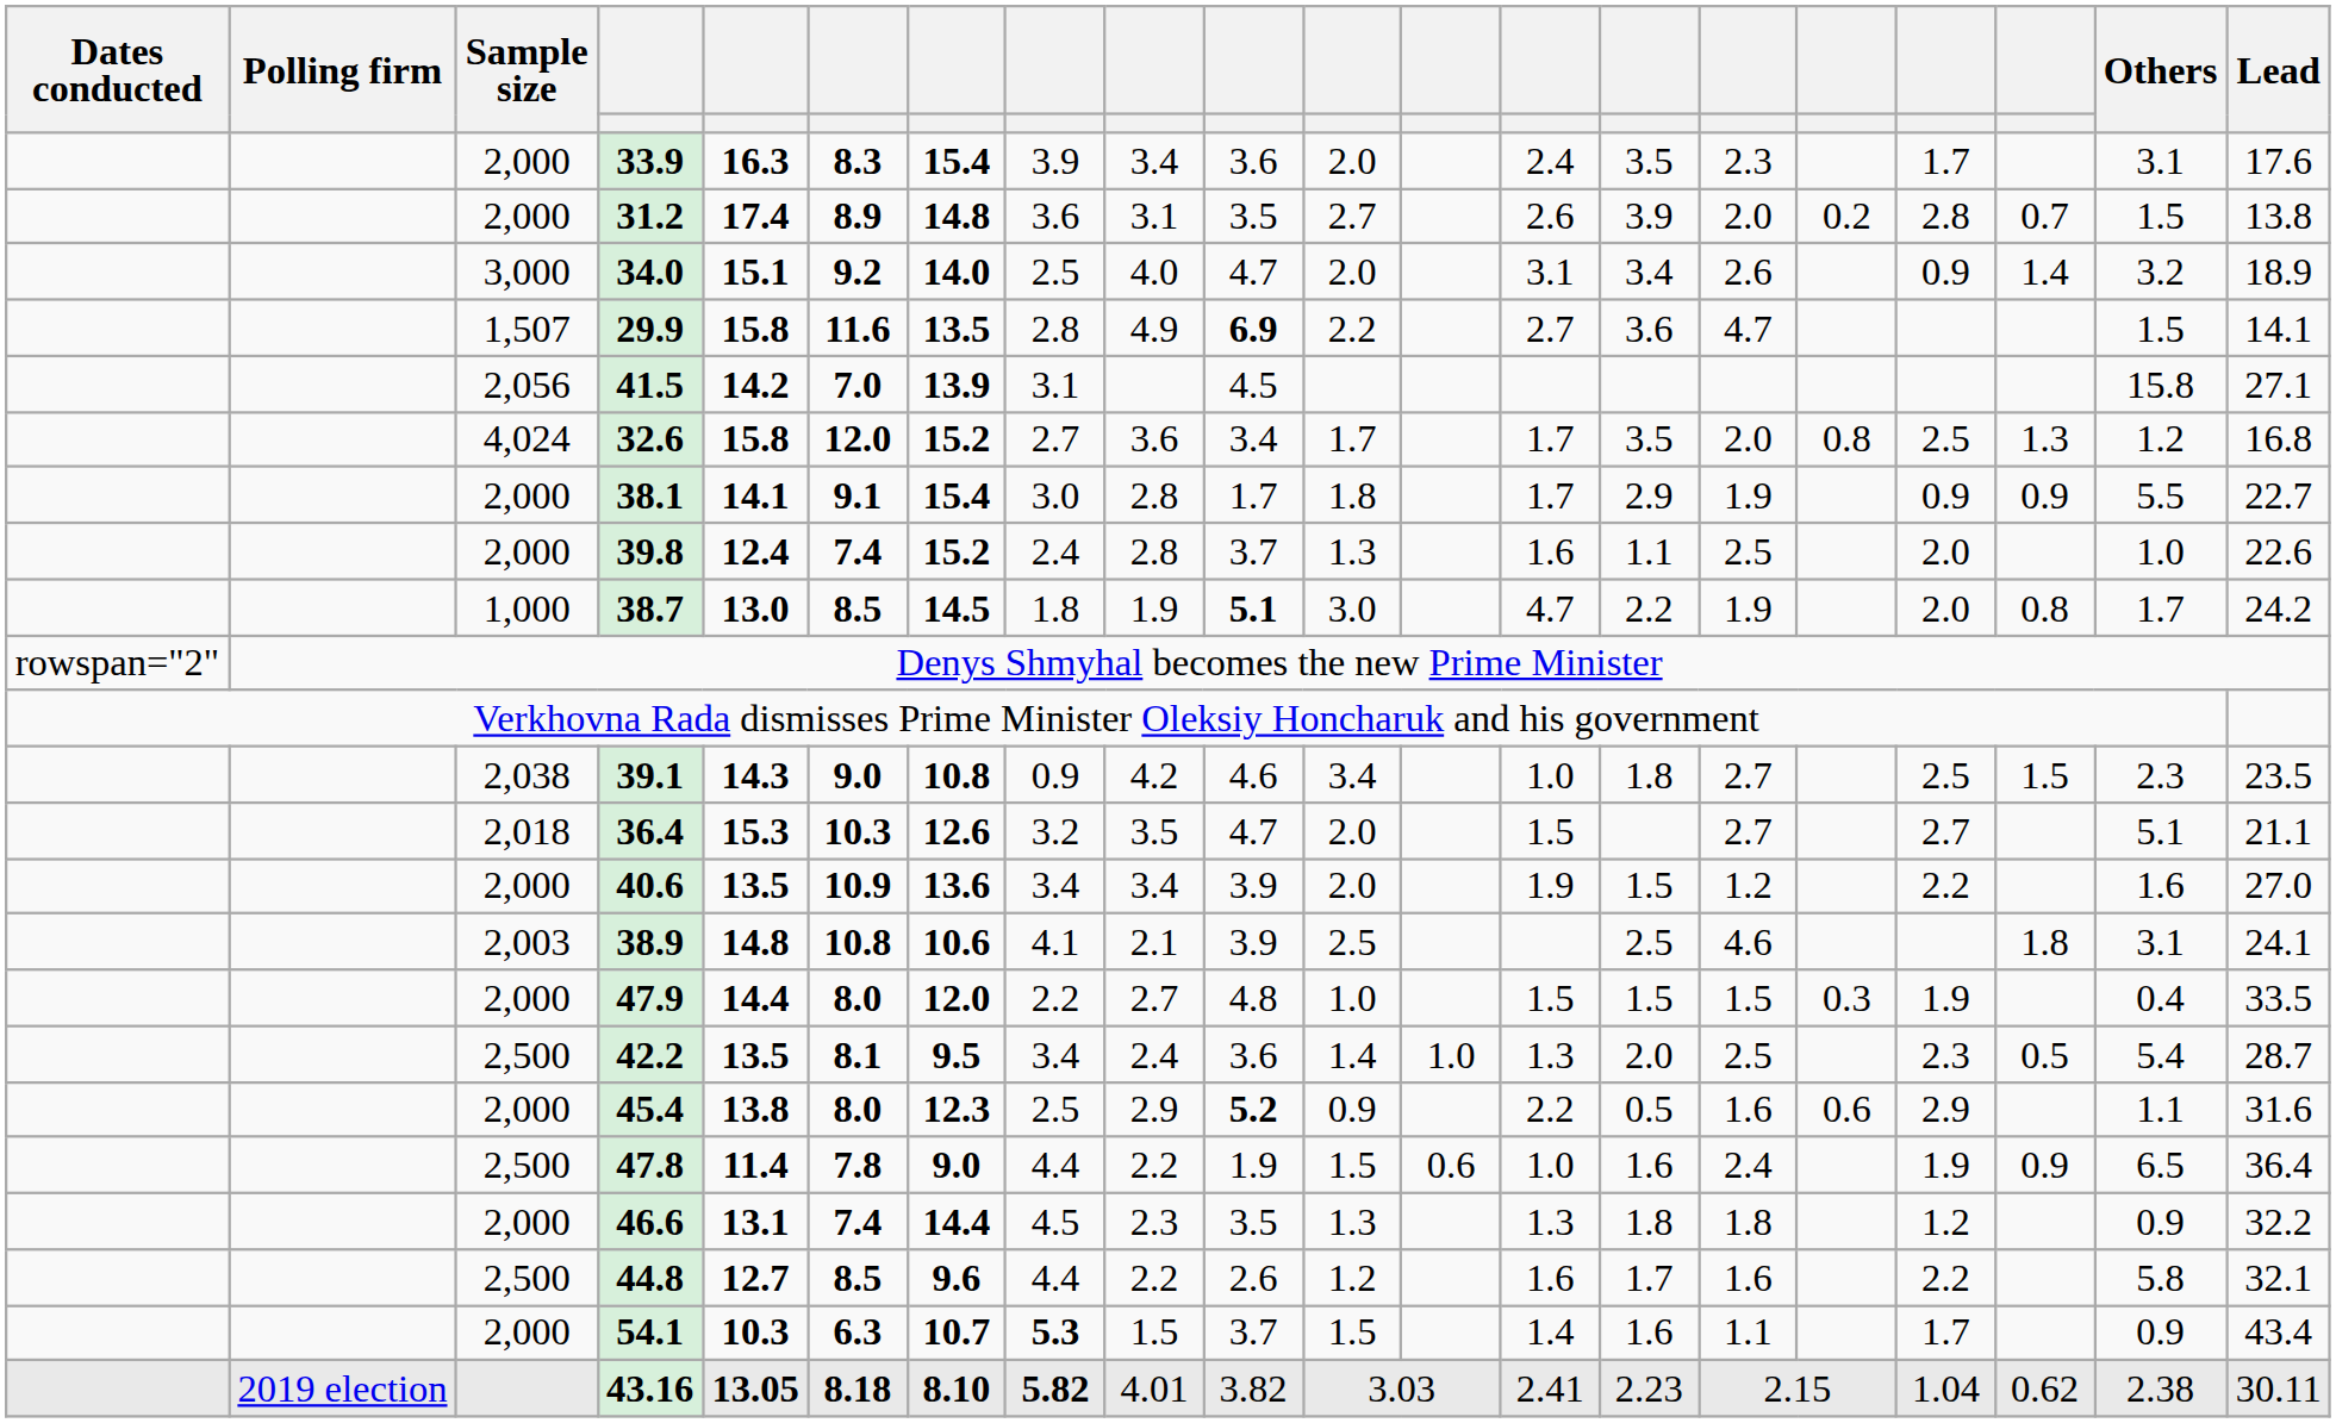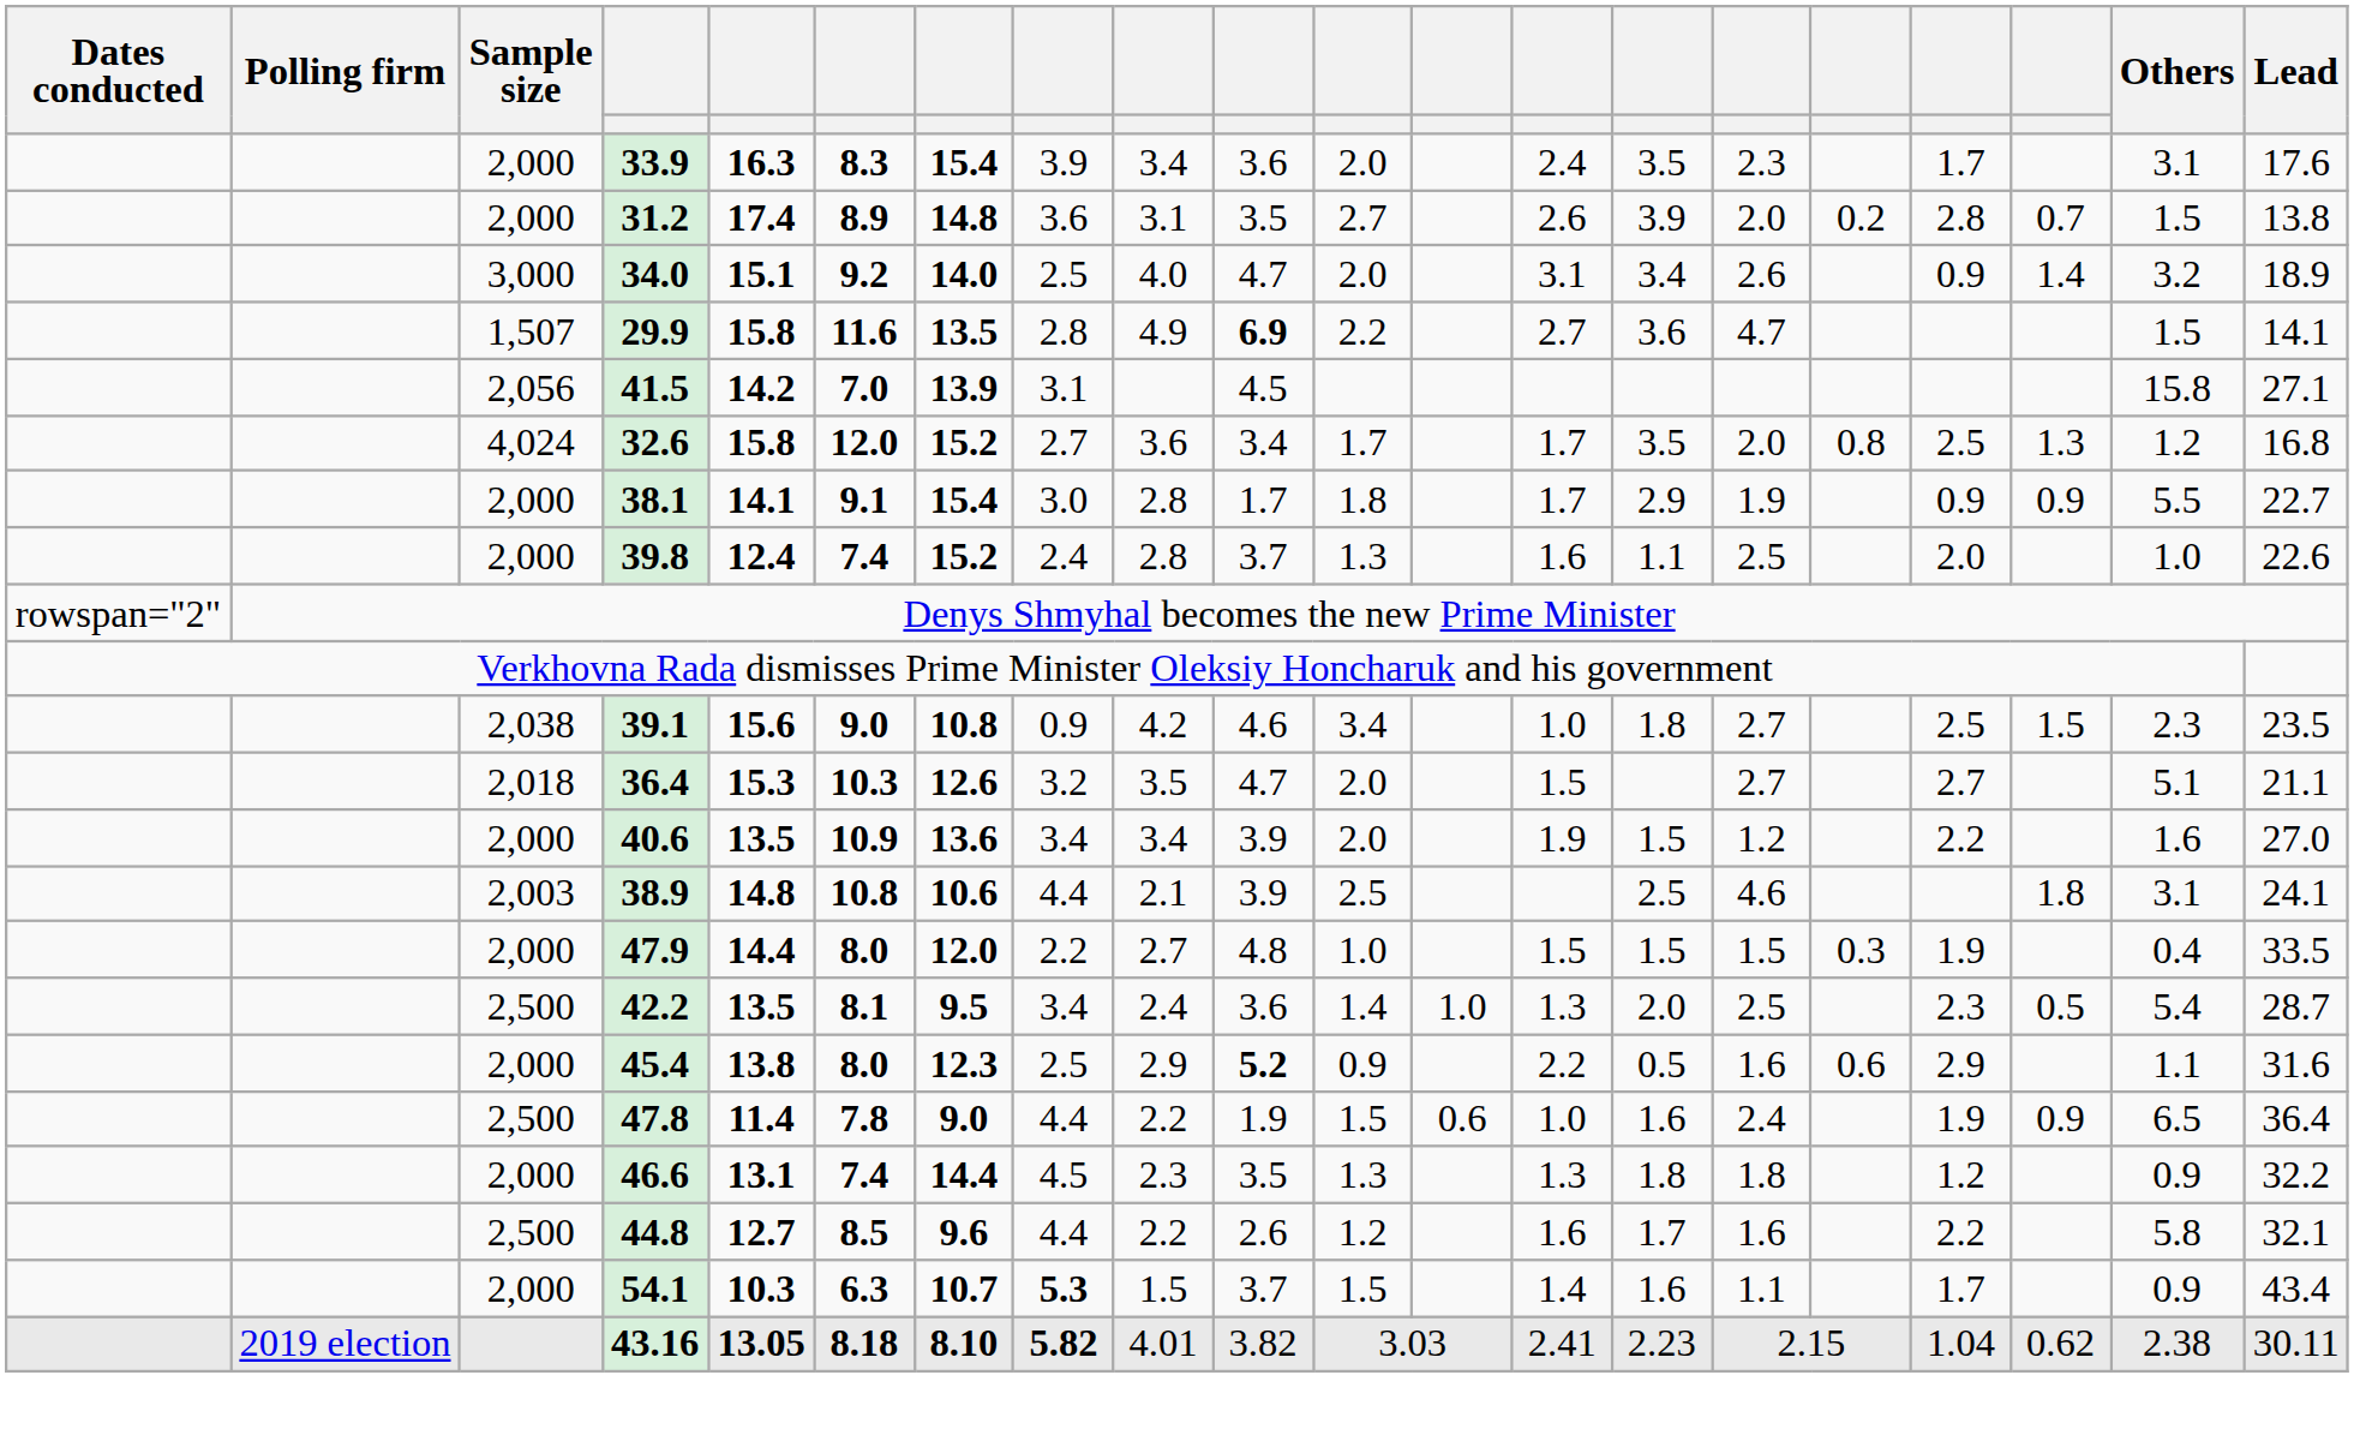 <table class="wikitable sortable mw-datatable mw-collapsible" style="text-align:center;font-size:90%;line-height:14px;">
 <tr style="height:40px;">
 <th rowspan="2">Dates<br>conducted</th>
 <th rowspan="2">Polling firm</th>
 <th rowspan="2">Sample<br>size</th>
 <th class="unsortable" style="width:30px;"></th>
 <th class="unsortable" style="width:30px;"></th>
 <th class="unsortable" style="width:30px;"></th>
 <th class="unsortable" style="width:30px;"></th>
 <th class="unsortable" style="width:30px;"></th>
 <th class="unsortable" style="width:30px;"></th>
 <th class="unsortable" style="width:30px;"></th>
 <th class="unsortable" style="width:30px;"></th>
 <th class="unsortable" style="width:30px;"></th>
 <th class="unsortable" style="width:30px;"></th>
 <th class="unsortable" style="width:30px;"></th>
 <th class="unsortable" style="width:30px;"></th>
 <th class="unsortable" style="width:30px;"></th>
 <th class="unsortable" style="width:30px;"></th>
 <th class="unsortable" style="width:30px;"></th>
 <th class="unsortable" rowspan="2" style="width:30px;">Others</th>
 <th rowspan="2" style="width:30px;">Lead</th>
 </tr>
 <tr>
 <th data-sort-type="number" style="background:"></th>
 <th data-sort-type="number" style="background:"></th>
 <th data-sort-type="number" style="background:"></th>
 <th data-sort-type="number" style="background:"></th>
 <th data-sort-type="number" style="background:"></th>
 <th data-sort-type="number" style="background:"></th>
 <th data-sort-type="number" style="background:"></th>
 <th data-sort-type="number" style="background:"></th>
 <th data-sort-type="number" style="background:"></th>
 <th data-sort-type="number" style="background:"></th>
 <th data-sort-type="number" style="background:"></th>
 <th data-sort-type="number" style="background:"></th>
 <th data-sort-type="number" style="background:"></th>
 <th data-sort-type="number" style="background:"></th>
 <th data-sort-type="number" style="background:"></th>
 </tr>
 <tr>
 <td></td>
 <td></td>
 <td>2,000</td>
 <td style="background:#D7F0DB;"><strong>33.9</strong></td>
 <td><strong>16.3</strong></td>
 <td><strong>8.3</strong></td>
 <td><strong>15.4</strong></td>
 <td>3.9</td>
 <td>3.4</td>
 <td>3.6</td>
 <td>2.0</td>
 <td></td>
 <td>2.4</td>
 <td>3.5</td>
 <td>2.3</td>
 <td></td>
 <td>1.7</td>
 <td></td>
 <td>3.1</td>
 <td style="background:">17.6</td>
 </tr>
 <tr>
 <td></td>
 <td></td>
 <td>2,000</td>
 <td style="background:#D7F0DB;"><strong>31.2</strong></td>
 <td><strong>17.4</strong></td>
 <td><strong>8.9</strong></td>
 <td><strong>14.8</strong></td>
 <td>3.6</td>
 <td>3.1</td>
 <td>3.5</td>
 <td>2.7</td>
 <td></td>
 <td>2.6</td>
 <td>3.9</td>
 <td>2.0</td>
 <td>0.2</td>
 <td>2.8</td>
 <td>0.7</td>
 <td>1.5</td>
 <td style="background:">13.8</td>
 </tr>
 <tr>
 <td></td>
 <td></td>
 <td>3,000</td>
 <td style="background:#D7F0DB;"><strong>34.0</strong></td>
 <td><strong>15.1</strong></td>
 <td><strong>9.2</strong></td>
 <td><strong>14.0</strong></td>
 <td>2.5</td>
 <td>4.0</td>
 <td>4.7</td>
 <td>2.0</td>
 <td></td>
 <td>3.1</td>
 <td>3.4</td>
 <td>2.6</td>
 <td></td>
 <td>0.9</td>
 <td>1.4</td>
 <td>3.2</td>
 <td style="background:">18.9</td>
 </tr>
 <tr>
 <td></td>
 <td></td>
 <td>1,507</td>
 <td style="background:#D7F0DB;"><strong>29.9</strong></td>
 <td><strong>15.8</strong></td>
 <td><strong>11.6</strong></td>
 <td><strong>13.5</strong></td>
 <td>2.8</td>
 <td>4.9</td>
 <td><strong>6.9</strong></td>
 <td>2.2</td>
 <td></td>
 <td>2.7</td>
 <td>3.6</td>
 <td>4.7</td>
 <td></td>
 <td></td>
 <td></td>
 <td>1.5</td>
 <td style="background:">14.1</td>
 </tr>
 <tr>
 <td></td>
 <td></td>
 <td>2,056</td>
 <td style="background:#D7F0DB;"><strong>41.5</strong></td>
 <td><strong>14.2</strong></td>
 <td><strong>7.0</strong></td>
 <td><strong>13.9</strong></td>
 <td>3.1</td>
 <td></td>
 <td>4.5</td>
 <td></td>
 <td></td>
 <td></td>
 <td></td>
 <td></td>
 <td></td>
 <td></td>
 <td></td>
 <td>15.8</td>
 <td style="background:">27.1</td>
 </tr>
 <tr>
 <td></td>
 <td></td>
 <td>4,024</td>
 <td style="background:#D7F0DB;"><strong>32.6</strong></td>
 <td><strong>15.8</strong></td>
 <td><strong>12.0</strong></td>
 <td><strong>15.2</strong></td>
 <td>2.7</td>
 <td>3.6</td>
 <td>3.4</td>
 <td>1.7</td>
 <td></td>
 <td>1.7</td>
 <td>3.5</td>
 <td>2.0</td>
 <td>0.8</td>
 <td>2.5</td>
 <td>1.3</td>
 <td>1.2</td>
 <td style="background:">16.8</td>
 </tr>
 <tr>
 <td></td>
 <td></td>
 <td>2,000</td>
 <td style="background:#D7F0DB;"><strong>38.1</strong></td>
 <td><strong>14.1</strong></td>
 <td><strong>9.1</strong></td>
 <td><strong>15.4</strong></td>
 <td>3.0</td>
 <td>2.8</td>
 <td>1.7</td>
 <td>1.8</td>
 <td></td>
 <td>1.7</td>
 <td>2.9</td>
 <td>1.9</td>
 <td></td>
 <td>0.9</td>
 <td>0.9</td>
 <td>5.5</td>
 <td style="background:">22.7</td>
 </tr>
 <tr>
 <td></td>
 <td></td>
 <td>2,000</td>
 <td style="background:#D7F0DB;"><strong>39.8</strong></td>
 <td><strong>12.4</strong></td>
 <td><strong>7.4</strong></td>
 <td><strong>15.2</strong></td>
 <td>2.4</td>
 <td>2.8</td>
 <td>3.7</td>
 <td>1.3</td>
 <td></td>
 <td>1.6</td>
 <td>1.1</td>
 <td>2.5</td>
 <td></td>
 <td>2.0</td>
 <td></td>
 <td>1.0</td>
 <td style="background:">22.6</td>
 </tr>
 <tr>
-<td></td>
-<td></td>
-<td>1,000</td>
-<td style="background:#D7F0DB;"><strong>38.7</strong></td>
-<td><strong>13.0</strong></td>
-<td><strong>8.5</strong></td>
-<td><strong>14.5</strong></td>
-<td>1.8</td>
-<td>1.9</td>
-<td><strong>5.1</strong></td>
-<td>3.0</td>
-<td></td>
-<td>4.7</td>
-<td>2.2</td>
-<td>1.9</td>
-<td></td>
-<td>2.0</td>
-<td>0.8</td>
-<td>1.7</td>
-<td style="background:">24.2</td>
-</tr>
-<tr>
 <td>rowspan="2" </td>
 <td colspan=19><a href='#'>Denys Shmyhal</a> becomes the new <a href='#'>Prime Minister</a></td>
 </tr>
 <tr>
 <td colspan=19><a href='#'>Verkhovna Rada</a> dismisses Prime Minister <a href='#'>Oleksiy Honcharuk</a> and his government</td>
 </tr>
 <tr>
 <td></td>
 <td></td>
 <td>2,038</td>
 <td style="background:#D7F0DB;"><strong>39.1</strong></td>
-<td><strong>14.3</strong></td>
+<td><strong>15.6</strong></td>
 <td><strong>9.0</strong></td>
 <td><strong>10.8</strong></td>
 <td>0.9</td>
 <td>4.2</td>
 <td>4.6</td>
 <td>3.4</td>
 <td></td>
 <td>1.0</td>
 <td>1.8</td>
 <td>2.7</td>
 <td></td>
 <td>2.5</td>
 <td>1.5</td>
 <td>2.3</td>
 <td style="background:">23.5</td>
 </tr>
 <tr>
 <td></td>
 <td></td>
 <td>2,018</td>
 <td style="background:#D7F0DB;"><strong>36.4</strong></td>
 <td><strong>15.3</strong></td>
 <td><strong>10.3</strong></td>
 <td><strong>12.6</strong></td>
 <td>3.2</td>
 <td>3.5</td>
 <td>4.7</td>
 <td>2.0</td>
 <td></td>
 <td>1.5</td>
 <td></td>
 <td>2.7</td>
 <td></td>
 <td>2.7</td>
 <td></td>
 <td>5.1</td>
 <td style="background:">21.1</td>
 </tr>
 <tr>
 <td></td>
 <td></td>
 <td>2,000</td>
 <td style="background:#D7F0DB;"><strong>40.6</strong></td>
 <td><strong>13.5</strong></td>
 <td><strong>10.9</strong></td>
 <td><strong>13.6</strong></td>
 <td>3.4</td>
 <td>3.4</td>
 <td>3.9</td>
 <td>2.0</td>
 <td></td>
 <td>1.9</td>
 <td>1.5</td>
 <td>1.2</td>
 <td></td>
 <td>2.2</td>
 <td></td>
 <td>1.6</td>
 <td style="background:">27.0</td>
 </tr>
 <tr>
 <td></td>
 <td></td>
 <td>2,003</td>
 <td style="background:#D7F0DB;"><strong>38.9</strong></td>
 <td><strong>14.8</strong></td>
 <td><strong>10.8</strong></td>
 <td><strong>10.6</strong></td>
-<td>4.1</td>
+<td>4.4</td>
 <td>2.1</td>
 <td>3.9</td>
 <td>2.5</td>
 <td></td>
 <td></td>
 <td>2.5</td>
 <td>4.6</td>
 <td></td>
 <td></td>
 <td>1.8</td>
 <td>3.1</td>
 <td style="background:">24.1</td>
 </tr>
 <tr>
 <td></td>
 <td></td>
 <td>2,000</td>
 <td style="background:#D7F0DB;"><strong>47.9</strong></td>
 <td><strong>14.4</strong></td>
 <td><strong>8.0</strong></td>
 <td><strong>12.0</strong></td>
 <td>2.2</td>
 <td>2.7</td>
 <td>4.8</td>
 <td>1.0</td>
 <td></td>
 <td>1.5</td>
 <td>1.5</td>
 <td>1.5</td>
 <td>0.3</td>
 <td>1.9</td>
 <td></td>
 <td>0.4</td>
 <td style="background:">33.5</td>
 </tr>
 <tr>
 <td></td>
 <td></td>
 <td>2,500</td>
 <td style="background:#D7F0DB;"><strong>42.2</strong></td>
 <td><strong>13.5</strong></td>
 <td><strong>8.1</strong></td>
 <td><strong>9.5</strong></td>
 <td>3.4</td>
 <td>2.4</td>
 <td>3.6</td>
 <td>1.4</td>
 <td>1.0</td>
 <td>1.3</td>
 <td>2.0</td>
 <td>2.5</td>
 <td></td>
 <td>2.3</td>
 <td>0.5</td>
 <td>5.4</td>
 <td style="background:">28.7</td>
 </tr>
 <tr>
 <td></td>
 <td></td>
 <td>2,000</td>
 <td style="background:#D7F0DB;"><strong>45.4</strong></td>
 <td><strong>13.8</strong></td>
 <td><strong>8.0</strong></td>
 <td><strong>12.3</strong></td>
 <td>2.5</td>
 <td>2.9</td>
 <td><strong>5.2</strong></td>
 <td>0.9</td>
 <td></td>
 <td>2.2</td>
 <td>0.5</td>
 <td>1.6</td>
 <td>0.6</td>
 <td>2.9</td>
 <td></td>
 <td>1.1</td>
 <td style="background:">31.6</td>
 </tr>
 <tr>
 <td></td>
 <td></td>
 <td>2,500</td>
 <td style="background:#D7F0DB;"><strong>47.8</strong></td>
 <td><strong>11.4</strong></td>
 <td><strong>7.8</strong></td>
 <td><strong>9.0</strong></td>
 <td>4.4</td>
 <td>2.2</td>
 <td>1.9</td>
 <td>1.5</td>
 <td>0.6</td>
 <td>1.0</td>
 <td>1.6</td>
 <td>2.4</td>
 <td></td>
 <td>1.9</td>
 <td>0.9</td>
 <td>6.5</td>
 <td style="background:">36.4</td>
 </tr>
 <tr>
 <td></td>
 <td></td>
 <td>2,000</td>
 <td style="background:#D7F0DB;"><strong>46.6</strong></td>
 <td><strong>13.1</strong></td>
 <td><strong>7.4</strong></td>
 <td><strong>14.4</strong></td>
 <td>4.5</td>
 <td>2.3</td>
 <td>3.5</td>
 <td>1.3</td>
 <td></td>
 <td>1.3</td>
 <td>1.8</td>
 <td>1.8</td>
 <td></td>
 <td>1.2</td>
 <td></td>
 <td>0.9</td>
 <td style="background:">32.2</td>
 </tr>
 <tr>
 <td></td>
 <td></td>
 <td>2,500</td>
 <td style="background:#D7F0DB;"><strong>44.8</strong></td>
 <td><strong>12.7</strong></td>
 <td><strong>8.5</strong></td>
 <td><strong>9.6</strong></td>
 <td>4.4</td>
 <td>2.2</td>
 <td>2.6</td>
 <td>1.2</td>
 <td></td>
 <td>1.6</td>
 <td>1.7</td>
 <td>1.6</td>
 <td></td>
 <td>2.2</td>
 <td></td>
 <td>5.8</td>
 <td style="background:">32.1</td>
 </tr>
 <tr>
 <td></td>
 <td></td>
 <td>2,000</td>
 <td style="background:#D7F0DB;"><strong>54.1</strong></td>
 <td><strong>10.3</strong></td>
 <td><strong>6.3</strong></td>
 <td><strong>10.7</strong></td>
 <td><strong>5.3</strong></td>
 <td>1.5</td>
 <td>3.7</td>
 <td>1.5</td>
 <td></td>
 <td>1.4</td>
 <td>1.6</td>
 <td>1.1</td>
 <td></td>
 <td>1.7</td>
 <td></td>
 <td>0.9</td>
 <td style="background:">43.4</td>
 </tr>
 <tr style="background:#E9E9E9;">
 <td></td>
 <td><a href='#'>2019 election</a></td>
 <td></td>
 <td style="background:#D7F0DB;"><strong>43.16</strong></td>
 <td><strong>13.05</strong></td>
 <td><strong>8.18</strong></td>
 <td><strong>8.10</strong></td>
 <td><strong>5.82</strong></td>
 <td>4.01</td>
 <td>3.82</td>
 <td colspan="2">3.03</td>
 <td>2.41</td>
 <td>2.23</td>
 <td colspan="2">2.15</td>
 <td>1.04</td>
 <td>0.62</td>
 <td>2.38</td>
 <td style="background:">30.11</td>
 </tr>
 </table>
